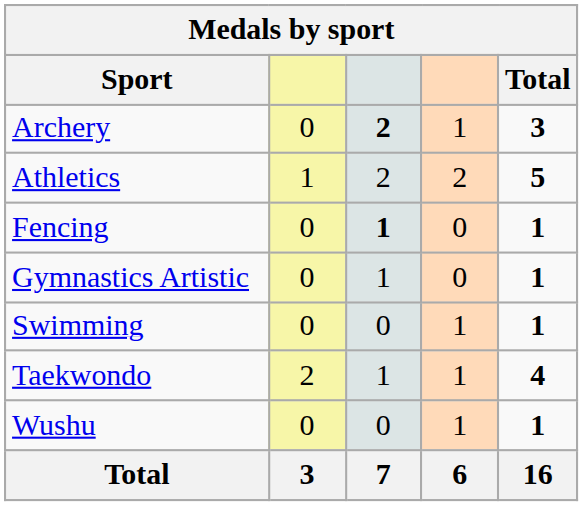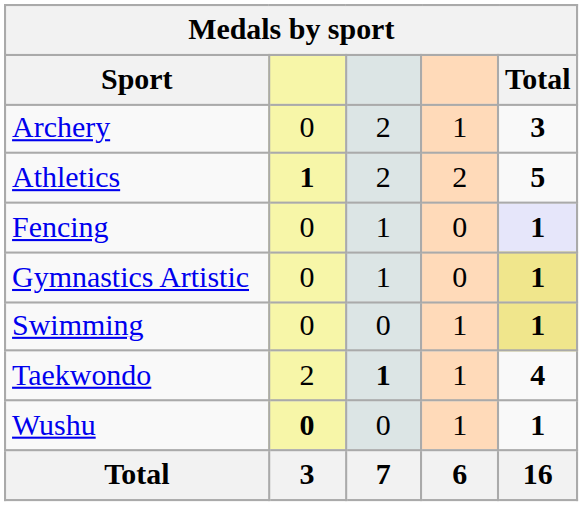 <table class="wikitable" style="font-size:90%; text-align:center;">
 <tr>
 <th colspan=5>Medals by sport</th>
 </tr>
 <tr>
 <th width=120>Sport</th>
 <th scope="col" width=30 style="background:#F7F6A8;"></th>
 <th scope="col" width=30 style="background:#DCE5E5;"></th>
 <th scope="col" width=30 style="background:#FFDAB9;"></th>
 <th width=30>Total</th>
 </tr>
 <tr>
 <td align=left><a href='#'>Archery</a></td>
 <td style="background:#F7F6A8;">0</td>
-<td style="background:#DCE5E5;"><strong>2</strong></td>
+<td style="background:#DCE5E5;">2</td>
 <td style="background:#FFDAB9;">1</td>
 <td><strong>3</strong></td>
 </tr>
 <tr>
 <td align=left><a href='#'>Athletics</a></td>
-<td style="background:#F7F6A8;">1</td>
+<td style="background:#F7F6A8;"><strong>1</strong></td>
 <td style="background:#DCE5E5;">2</td>
 <td style="background:#FFDAB9;">2</td>
 <td><strong>5</strong></td>
 </tr>
 <tr>
 <td align=left><a href='#'>Fencing</a></td>
 <td style="background:#F7F6A8;">0</td>
-<td style="background:#DCE5E5;"><strong>1</strong></td>
+<td style="background:#DCE5E5;">1</td>
 <td style="background:#FFDAB9;">0</td>
-<td><strong>1</strong></td>
+<td style="background: lavender;"><strong>1</strong></td>
 </tr>
 <tr>
 <td align=left><a href='#'>Gymnastics Artistic</a></td>
 <td style="background:#F7F6A8;">0</td>
 <td style="background:#DCE5E5;">1</td>
 <td style="background:#FFDAB9;">0</td>
-<td><strong>1</strong></td>
+<td style="background: khaki;"><strong>1</strong></td>
 </tr>
 <tr>
 <td align=left><a href='#'>Swimming</a></td>
 <td style="background:#F7F6A8;">0</td>
 <td style="background:#DCE5E5;">0</td>
 <td style="background:#FFDAB9;">1</td>
-<td><strong>1</strong></td>
+<td style="background: khaki;"><strong>1</strong></td>
 </tr>
 <tr>
 <td align=left><a href='#'>Taekwondo</a></td>
 <td style="background:#F7F6A8;">2</td>
-<td style="background:#DCE5E5;">1</td>
+<td style="background:#DCE5E5;"><strong>1</strong></td>
 <td style="background:#FFDAB9;">1</td>
 <td><strong>4</strong></td>
 </tr>
 <tr>
 <td align=left><a href='#'>Wushu</a></td>
-<td style="background:#F7F6A8;">0</td>
+<td style="background:#F7F6A8;"><strong>0</strong></td>
 <td style="background:#DCE5E5;">0</td>
 <td style="background:#FFDAB9;">1</td>
 <td><strong>1</strong></td>
 </tr>
 <tr class="sortbottom">
 <th>Total</th>
 <th>3</th>
 <th>7</th>
 <th>6</th>
 <th>16</th>
 </tr>
 </table>
